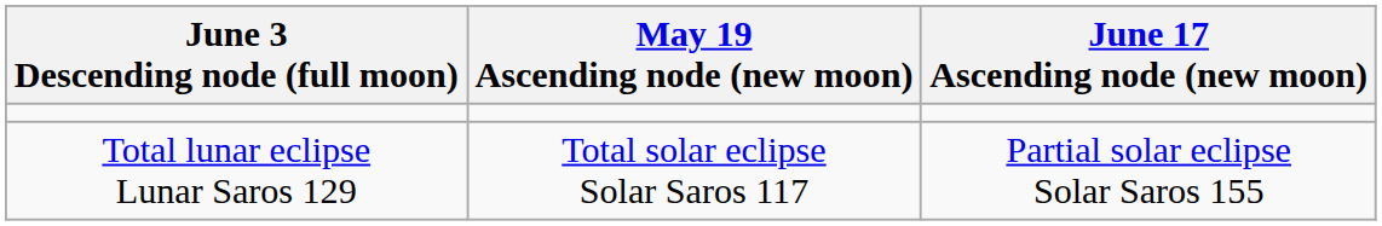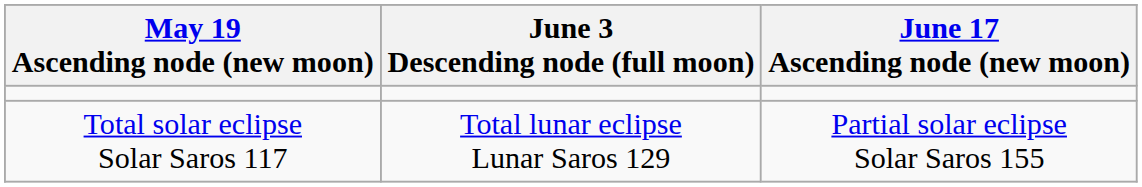 <table class="wikitable">
 <tr>
+<th><a href='#'>May 19</a><br>Ascending node (new moon)</th>
 <th>June 3<br>Descending node (full moon)</th>
-<th><a href='#'>May 19</a><br>Ascending node (new moon)</th>
 <th><a href='#'>June 17</a><br>Ascending node (new moon)</th>
 </tr>
 <tr>
 <td></td>
 <td></td>
 <td></td>
 </tr>
 <tr align=center>
+<td><a href='#'>Total solar eclipse</a><br>Solar Saros 117</td>
 <td><a href='#'>Total lunar eclipse</a><br>Lunar Saros 129</td>
-<td><a href='#'>Total solar eclipse</a><br>Solar Saros 117</td>
 <td><a href='#'>Partial solar eclipse</a><br>Solar Saros 155</td>
 </tr>
 </table>
